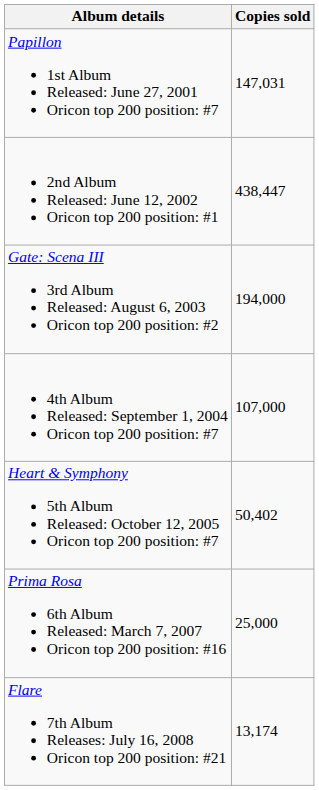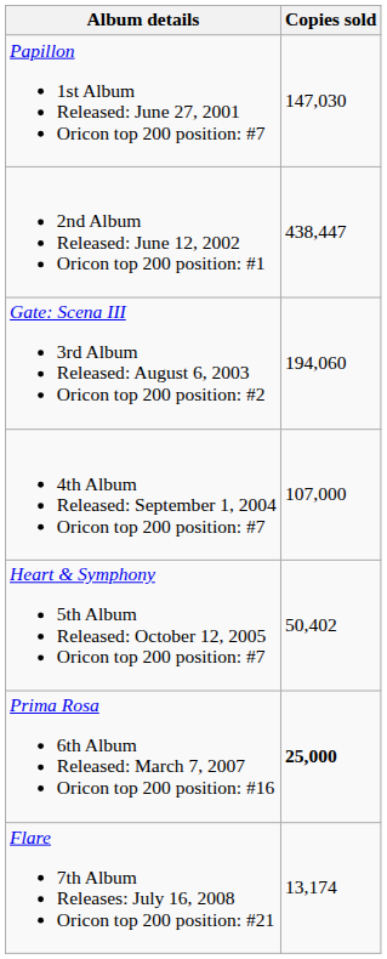 <table class="wikitable">
 <tr>
 <th>Album details</th>
 <th>Copies sold</th>
 </tr>
 <tr>
 <td><em><a href='#'>Papillon</a></em><br><ul><li>1st Album</li><li>Released: June 27, 2001</li><li>Oricon top 200 position: #7</li></ul></td>
-<td align="left">147,031</td>
+<td align="left">147,030</td>
 </tr>
 <tr>
 <td><br><ul><li>2nd Album</li><li>Released: June 12, 2002</li><li>Oricon top 200 position: #1</li></ul></td>
 <td>438,447</td>
 </tr>
 <tr>
 <td><em><a href='#'>Gate: Scena III</a></em><br><ul><li>3rd Album</li><li>Released: August 6, 2003</li><li>Oricon top 200 position: #2</li></ul></td>
-<td>194,000</td>
+<td>194,060</td>
 </tr>
 <tr>
 <td><br><ul><li>4th Album</li><li>Released: September 1, 2004</li><li>Oricon top 200 position: #7</li></ul></td>
 <td>107,000</td>
 </tr>
 <tr>
 <td><em><a href='#'>Heart & Symphony</a></em><br><ul><li>5th Album</li><li>Released: October 12, 2005</li><li>Oricon top 200 position: #7</li></ul></td>
 <td>50,402</td>
 </tr>
 <tr>
 <td><em><a href='#'>Prima Rosa</a></em><br><ul><li>6th Album</li><li>Released: March 7, 2007</li><li>Oricon top 200 position: #16</li></ul></td>
-<td>25,000</td>
+<td><strong>25,000</strong></td>
 </tr>
 <tr>
 <td><em><a href='#'>Flare</a></em><br><ul><li>7th Album</li><li>Releases: July 16, 2008</li><li>Oricon top 200 position: #21</li></ul></td>
 <td>13,174</td>
 </tr>
 </table>
